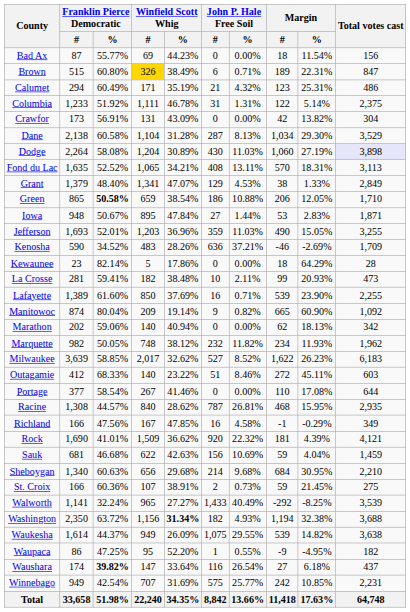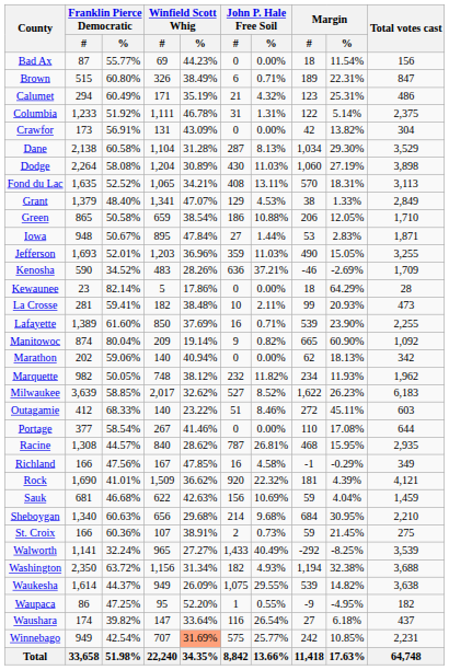 <table class="wikitable sortable" style="text-align:center">
 <tr>
 <th rowspan="2" style="text-align:center;">County</th>
 <th colspan="2" style="text-align:center;"><a href='#'>Franklin Pierce</a><br>Democratic</th>
 <th colspan="2" style="text-align:center;"><a href='#'>Winfield Scott</a><br>Whig</th>
 <th colspan="2" style="text-align:center;"><a href='#'>John P. Hale</a><br>Free Soil</th>
 <th colspan="2" style="text-align:center;">Margin</th>
 <th rowspan="2" style="text-align:center;">Total votes cast</th>
 </tr>
 <tr>
 <th style="text-align:center;" data-sort-type="number">#</th>
 <th style="text-align:center;" data-sort-type="number">%</th>
 <th style="text-align:center;" data-sort-type="number">#</th>
 <th style="text-align:center;" data-sort-type="number">%</th>
 <th style="text-align:center;" data-sort-type="number">#</th>
 <th style="text-align:center;" data-sort-type="number">%</th>
 <th style="text-align:center;" data-sort-type="number">#</th>
 <th style="text-align:center;" data-sort-type="number">%</th>
 </tr>
 <tr style="text-align:center;">
 <td><a href='#'>Bad Ax</a></td>
 <td>87</td>
 <td>55.77%</td>
 <td>69</td>
 <td>44.23%</td>
 <td>0</td>
 <td>0.00%</td>
 <td>18</td>
 <td>11.54%</td>
 <td>156</td>
 </tr>
 <tr style="text-align:center;">
 <td><a href='#'>Brown</a></td>
 <td>515</td>
 <td>60.80%</td>
-<td style="background: gold;">326</td>
+<td>326</td>
 <td>38.49%</td>
 <td>6</td>
 <td>0.71%</td>
 <td>189</td>
 <td>22.31%</td>
 <td>847</td>
 </tr>
 <tr style="text-align:center;">
 <td><a href='#'>Calumet</a></td>
 <td>294</td>
 <td>60.49%</td>
 <td>171</td>
 <td>35.19%</td>
 <td>21</td>
 <td>4.32%</td>
 <td>123</td>
 <td>25.31%</td>
 <td>486</td>
 </tr>
 <tr style="text-align:center;">
 <td><a href='#'>Columbia</a></td>
 <td>1,233</td>
 <td>51.92%</td>
 <td>1,111</td>
 <td>46.78%</td>
 <td>31</td>
 <td>1.31%</td>
 <td>122</td>
 <td>5.14%</td>
 <td>2,375</td>
 </tr>
 <tr style="text-align:center;">
 <td><a href='#'>Crawfor</a></td>
 <td>173</td>
 <td>56.91%</td>
 <td>131</td>
 <td>43.09%</td>
 <td>0</td>
 <td>0.00%</td>
 <td>42</td>
 <td>13.82%</td>
 <td>304</td>
 </tr>
 <tr style="text-align:center;">
 <td><a href='#'>Dane</a></td>
 <td>2,138</td>
 <td>60.58%</td>
 <td>1,104</td>
 <td>31.28%</td>
 <td>287</td>
 <td>8.13%</td>
 <td>1,034</td>
 <td>29.30%</td>
 <td>3,529</td>
 </tr>
 <tr style="text-align:center;">
 <td><a href='#'>Dodge</a></td>
 <td>2,264</td>
 <td>58.08%</td>
 <td>1,204</td>
 <td>30.89%</td>
 <td>430</td>
 <td>11.03%</td>
 <td>1,060</td>
 <td>27.19%</td>
-<td style="background: lavender;">3,898</td>
+<td>3,898</td>
 </tr>
 <tr style="text-align:center;">
 <td><a href='#'>Fond du Lac</a></td>
 <td>1,635</td>
 <td>52.52%</td>
 <td>1,065</td>
 <td>34.21%</td>
 <td>408</td>
 <td>13.11%</td>
 <td>570</td>
 <td>18.31%</td>
 <td>3,113</td>
 </tr>
 <tr style="text-align:center;">
 <td><a href='#'>Grant</a></td>
 <td>1,379</td>
 <td>48.40%</td>
 <td>1,341</td>
 <td>47.07%</td>
 <td>129</td>
 <td>4.53%</td>
 <td>38</td>
 <td>1.33%</td>
 <td>2,849</td>
 </tr>
 <tr style="text-align:center;">
 <td><a href='#'>Green</a></td>
 <td>865</td>
-<td><strong>50.58%</strong></td>
+<td>50.58%</td>
 <td>659</td>
 <td>38.54%</td>
 <td>186</td>
 <td>10.88%</td>
 <td>206</td>
 <td>12.05%</td>
 <td>1,710</td>
 </tr>
 <tr style="text-align:center;">
 <td><a href='#'>Iowa</a></td>
 <td>948</td>
 <td>50.67%</td>
 <td>895</td>
 <td>47.84%</td>
 <td>27</td>
 <td>1.44%</td>
 <td>53</td>
 <td>2.83%</td>
 <td>1,871</td>
 </tr>
 <tr style="text-align:center;">
 <td><a href='#'>Jefferson</a></td>
 <td>1,693</td>
 <td>52.01%</td>
 <td>1,203</td>
 <td>36.96%</td>
 <td>359</td>
 <td>11.03%</td>
 <td>490</td>
 <td>15.05%</td>
 <td>3,255</td>
 </tr>
 <tr style="text-align:center;">
 <td><a href='#'>Kenosha</a></td>
 <td>590</td>
 <td>34.52%</td>
 <td>483</td>
 <td>28.26%</td>
 <td>636</td>
 <td>37.21%</td>
 <td>-46</td>
 <td>-2.69%</td>
 <td>1,709</td>
 </tr>
 <tr style="text-align:center;">
 <td><a href='#'>Kewaunee</a></td>
 <td>23</td>
 <td>82.14%</td>
 <td>5</td>
 <td>17.86%</td>
 <td>0</td>
 <td>0.00%</td>
 <td>18</td>
 <td>64.29%</td>
 <td>28</td>
 </tr>
 <tr style="text-align:center;">
 <td><a href='#'>La Crosse</a></td>
 <td>281</td>
 <td>59.41%</td>
 <td>182</td>
 <td>38.48%</td>
 <td>10</td>
 <td>2.11%</td>
 <td>99</td>
 <td>20.93%</td>
 <td>473</td>
 </tr>
 <tr style="text-align:center;">
 <td><a href='#'>Lafayette</a></td>
 <td>1,389</td>
 <td>61.60%</td>
 <td>850</td>
 <td>37.69%</td>
 <td>16</td>
 <td>0.71%</td>
 <td>539</td>
 <td>23.90%</td>
 <td>2,255</td>
 </tr>
 <tr style="text-align:center;">
 <td><a href='#'>Manitowoc</a></td>
 <td>874</td>
 <td>80.04%</td>
 <td>209</td>
 <td>19.14%</td>
 <td>9</td>
 <td>0.82%</td>
 <td>665</td>
 <td>60.90%</td>
 <td>1,092</td>
 </tr>
 <tr style="text-align:center;">
 <td><a href='#'>Marathon</a></td>
 <td>202</td>
 <td>59.06%</td>
 <td>140</td>
 <td>40.94%</td>
 <td>0</td>
 <td>0.00%</td>
 <td>62</td>
 <td>18.13%</td>
 <td>342</td>
 </tr>
 <tr style="text-align:center;">
 <td><a href='#'>Marquette</a></td>
 <td>982</td>
 <td>50.05%</td>
 <td>748</td>
 <td>38.12%</td>
 <td>232</td>
 <td>11.82%</td>
 <td>234</td>
 <td>11.93%</td>
 <td>1,962</td>
 </tr>
 <tr style="text-align:center;">
 <td><a href='#'>Milwaukee</a></td>
 <td>3,639</td>
 <td>58.85%</td>
 <td>2,017</td>
 <td>32.62%</td>
 <td>527</td>
 <td>8.52%</td>
 <td>1,622</td>
 <td>26.23%</td>
 <td>6,183</td>
 </tr>
 <tr style="text-align:center;">
 <td><a href='#'>Outagamie</a></td>
 <td>412</td>
 <td>68.33%</td>
 <td>140</td>
 <td>23.22%</td>
 <td>51</td>
 <td>8.46%</td>
 <td>272</td>
 <td>45.11%</td>
 <td>603</td>
 </tr>
 <tr style="text-align:center;">
 <td><a href='#'>Portage</a></td>
 <td>377</td>
 <td>58.54%</td>
 <td>267</td>
 <td>41.46%</td>
 <td>0</td>
 <td>0.00%</td>
 <td>110</td>
 <td>17.08%</td>
 <td>644</td>
 </tr>
 <tr style="text-align:center;">
 <td><a href='#'>Racine</a></td>
 <td>1,308</td>
 <td>44.57%</td>
 <td>840</td>
 <td>28.62%</td>
 <td>787</td>
 <td>26.81%</td>
 <td>468</td>
 <td>15.95%</td>
 <td>2,935</td>
 </tr>
 <tr style="text-align:center;">
 <td><a href='#'>Richland</a></td>
 <td>166</td>
 <td>47.56%</td>
 <td>167</td>
 <td>47.85%</td>
 <td>16</td>
 <td>4.58%</td>
 <td>-1</td>
 <td>-0.29%</td>
 <td>349</td>
 </tr>
 <tr style="text-align:center;">
 <td><a href='#'>Rock</a></td>
 <td>1,690</td>
 <td>41.01%</td>
 <td>1,509</td>
 <td>36.62%</td>
 <td>920</td>
 <td>22.32%</td>
 <td>181</td>
 <td>4.39%</td>
 <td>4,121</td>
 </tr>
 <tr style="text-align:center;">
 <td><a href='#'>Sauk</a></td>
 <td>681</td>
 <td>46.68%</td>
 <td>622</td>
 <td>42.63%</td>
 <td>156</td>
 <td>10.69%</td>
 <td>59</td>
 <td>4.04%</td>
 <td>1,459</td>
 </tr>
 <tr style="text-align:center;">
 <td><a href='#'>Sheboygan</a></td>
 <td>1,340</td>
 <td>60.63%</td>
 <td>656</td>
 <td>29.68%</td>
 <td>214</td>
 <td>9.68%</td>
 <td>684</td>
 <td>30.95%</td>
 <td>2,210</td>
 </tr>
 <tr style="text-align:center;">
 <td><a href='#'>St. Croix</a></td>
 <td>166</td>
 <td>60.36%</td>
 <td>107</td>
 <td>38.91%</td>
 <td>2</td>
 <td>0.73%</td>
 <td>59</td>
 <td>21.45%</td>
 <td>275</td>
 </tr>
 <tr style="text-align:center;">
 <td><a href='#'>Walworth</a></td>
 <td>1,141</td>
 <td>32.24%</td>
 <td>965</td>
 <td>27.27%</td>
 <td>1,433</td>
 <td>40.49%</td>
 <td>-292</td>
 <td>-8.25%</td>
 <td>3,539</td>
 </tr>
 <tr style="text-align:center;">
 <td><a href='#'>Washington</a></td>
 <td>2,350</td>
 <td>63.72%</td>
 <td>1,156</td>
-<td><strong>31.34%</strong></td>
+<td>31.34%</td>
 <td>182</td>
 <td>4.93%</td>
 <td>1,194</td>
 <td>32.38%</td>
 <td>3,688</td>
 </tr>
 <tr style="text-align:center;">
 <td><a href='#'>Waukesha</a></td>
 <td>1,614</td>
 <td>44.37%</td>
 <td>949</td>
 <td>26.09%</td>
 <td>1,075</td>
 <td>29.55%</td>
 <td>539</td>
 <td>14.82%</td>
 <td>3,638</td>
 </tr>
 <tr style="text-align:center;">
 <td><a href='#'>Waupaca</a></td>
 <td>86</td>
 <td>47.25%</td>
 <td>95</td>
 <td>52.20%</td>
 <td>1</td>
 <td>0.55%</td>
 <td>-9</td>
 <td>-4.95%</td>
 <td>182</td>
 </tr>
 <tr style="text-align:center;">
 <td><a href='#'>Waushara</a></td>
 <td>174</td>
-<td><strong>39.82%</strong></td>
+<td>39.82%</td>
 <td>147</td>
 <td>33.64%</td>
 <td>116</td>
 <td>26.54%</td>
 <td>27</td>
 <td>6.18%</td>
 <td>437</td>
 </tr>
 <tr style="text-align:center;">
 <td><a href='#'>Winnebago</a></td>
 <td>949</td>
 <td>42.54%</td>
 <td>707</td>
-<td>31.69%</td>
+<td style="background: lightsalmon;">31.69%</td>
 <td>575</td>
 <td>25.77%</td>
 <td>242</td>
 <td>10.85%</td>
 <td>2,231</td>
 </tr>
 <tr>
 <th>Total</th>
 <th>33,658</th>
 <th>51.98%</th>
 <th>22,240</th>
 <th>34.35%</th>
 <th>8,842</th>
 <th>13.66%</th>
 <th>11,418</th>
 <th>17.63%</th>
 <th>64,748</th>
 </tr>
 </table>
